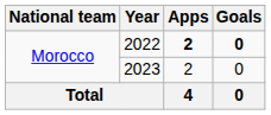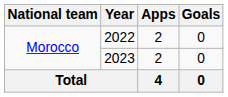 <table class=wikitable style=text-align:center>
 <tr>
 <th>National team</th>
 <th>Year</th>
 <th>Apps</th>
 <th>Goals</th>
 </tr>
 <tr>
 <td rowspan="2"><a href='#'>Morocco</a></td>
 <td>2022</td>
-<td><strong>2</strong></td>
-<td><strong>0</strong></td>
+<td>2</td>
+<td>0</td>
 </tr>
 <tr>
 <td>2023</td>
 <td>2</td>
 <td>0</td>
 </tr>
 <tr>
 <th colspan=2>Total</th>
 <th>4</th>
 <th>0</th>
 </tr>
 </table>
